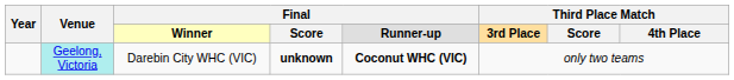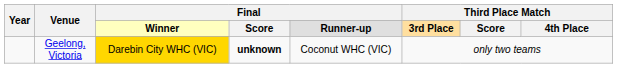 <table class="wikitable" style="font-size: 90%; text-align: center;">
 <tr>
 <th rowspan="2" width="5%">Year</th>
 <th rowspan="2" width="10%">Venue</th>
 <th colspan="3">Final</th>
 <th colspan="3">Third Place Match</th>
 </tr>
 <tr>
 <td style="text-align:center;background:#ffffbf;"><strong>Winner</strong></td>
 <th width="10%">Score</th>
 <td style="text-align:center; background:#dfdfdf;"><strong>Runner-up</strong></td>
 <td style="text-align:center; background:#ffdf9f;"><strong>3rd Place</strong></td>
 <th width="10%">Score</th>
 <th width="15%">4th Place</th>
 </tr>
 <tr>
 <td></td>
-<td style="background: paleturquoise;"><a href='#'>Geelong, Victoria</a></td>
-<td>Darebin City WHC (VIC)</td>
+<td><a href='#'>Geelong, Victoria</a></td>
+<td style="background: gold;">Darebin City WHC (VIC)</td>
 <td><strong>unknown</strong></td>
-<td><strong>Coconut WHC (VIC)</strong></td>
+<td>Coconut WHC (VIC)</td>
 <td colspan=3><em>only two teams</em></td>
 </tr>
 </table>
